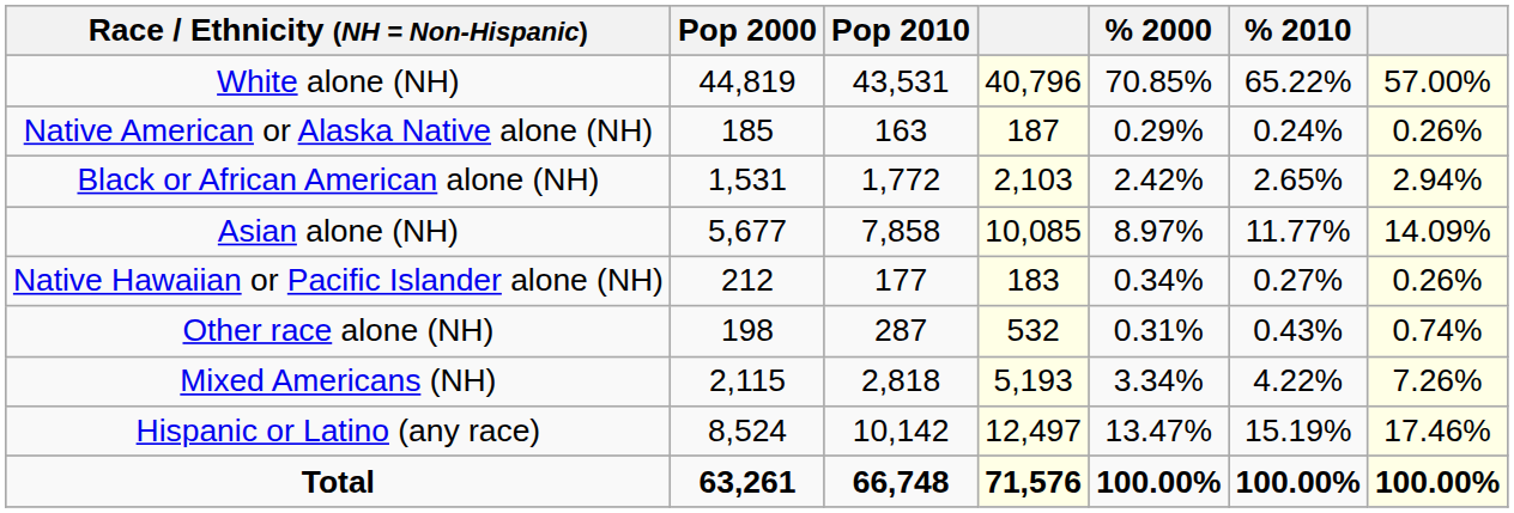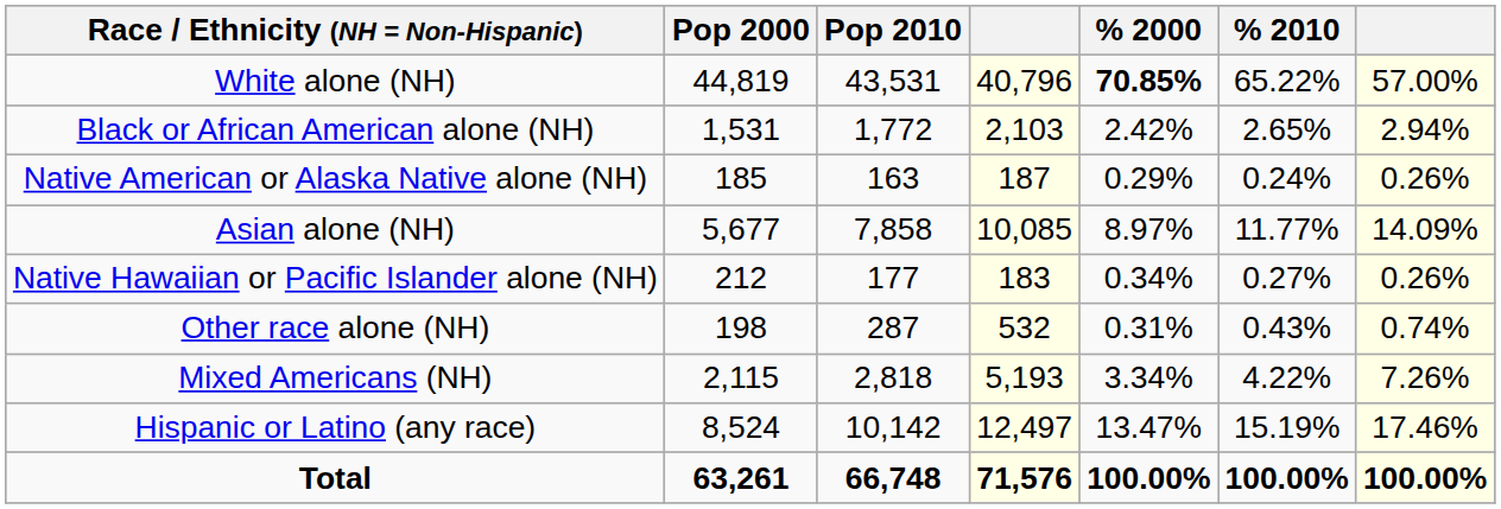 <table class="wikitable" style="text-align:center;">
 <tr>
 <th>Race / Ethnicity <small>(<em>NH = Non-Hispanic</em>)</small></th>
 <th>Pop 2000</th>
 <th>Pop 2010</th>
 <th></th>
 <th>% 2000</th>
 <th>% 2010</th>
 <th></th>
 </tr>
 <tr>
 <td><a href='#'>White</a> alone (NH)</td>
 <td>44,819</td>
 <td>43,531</td>
 <td style='background: #ffffe6;'>40,796</td>
-<td>70.85%</td>
+<td><strong>70.85%</strong></td>
 <td>65.22%</td>
 <td style='background: #ffffe6;'>57.00%</td>
+</tr>
+<tr>
+<td><a href='#'>Black or African American</a> alone (NH)</td>
+<td>1,531</td>
+<td>1,772</td>
+<td style='background: #ffffe6;'>2,103</td>
+<td>2.42%</td>
+<td>2.65%</td>
+<td style='background: #ffffe6;'>2.94%</td>
 </tr>
 <tr>
 <td><a href='#'>Native American</a> or <a href='#'>Alaska Native</a> alone (NH)</td>
 <td>185</td>
 <td>163</td>
 <td style='background: #ffffe6;'>187</td>
 <td>0.29%</td>
 <td>0.24%</td>
 <td style='background: #ffffe6;'>0.26%</td>
-</tr>
-<tr>
-<td><a href='#'>Black or African American</a> alone (NH)</td>
-<td>1,531</td>
-<td>1,772</td>
-<td style='background: #ffffe6;'>2,103</td>
-<td>2.42%</td>
-<td>2.65%</td>
-<td style='background: #ffffe6;'>2.94%</td>
 </tr>
 <tr>
 <td><a href='#'>Asian</a> alone (NH)</td>
 <td>5,677</td>
 <td>7,858</td>
 <td style='background: #ffffe6;'>10,085</td>
 <td>8.97%</td>
 <td>11.77%</td>
 <td style='background: #ffffe6;'>14.09%</td>
 </tr>
 <tr>
 <td><a href='#'>Native Hawaiian</a> or <a href='#'>Pacific Islander</a> alone (NH)</td>
 <td>212</td>
 <td>177</td>
 <td style='background: #ffffe6;'>183</td>
 <td>0.34%</td>
 <td>0.27%</td>
 <td style='background: #ffffe6;'>0.26%</td>
 </tr>
 <tr>
 <td><a href='#'>Other race</a> alone (NH)</td>
 <td>198</td>
 <td>287</td>
 <td style='background: #ffffe6;'>532</td>
 <td>0.31%</td>
 <td>0.43%</td>
 <td style='background: #ffffe6;'>0.74%</td>
 </tr>
 <tr>
 <td><a href='#'>Mixed Americans</a> (NH)</td>
 <td>2,115</td>
 <td>2,818</td>
 <td style='background: #ffffe6;'>5,193</td>
 <td>3.34%</td>
 <td>4.22%</td>
 <td style='background: #ffffe6;'>7.26%</td>
 </tr>
 <tr>
 <td><a href='#'>Hispanic or Latino</a> (any race)</td>
 <td>8,524</td>
 <td>10,142</td>
 <td style='background: #ffffe6;'>12,497</td>
 <td>13.47%</td>
 <td>15.19%</td>
 <td style='background: #ffffe6;'>17.46%</td>
 </tr>
 <tr>
 <td><strong>Total</strong></td>
 <td><strong>63,261</strong></td>
 <td><strong>66,748</strong></td>
 <td style='background: #ffffe6;'><strong>71,576</strong></td>
 <td><strong>100.00%</strong></td>
 <td><strong>100.00%</strong></td>
 <td style='background: #ffffe6;'><strong>100.00%</strong></td>
 </tr>
 </table>
